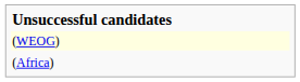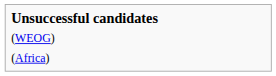 <table class="infobox" width="300px">
 <tr>
 <td><strong>Unsuccessful candidates</strong></td>
 </tr>
 <tr>
-<td style="background: lightyellow;"> <small>(<a href='#'>WEOG</a>)</small></td>
+<td> <small>(<a href='#'>WEOG</a>)</small></td>
 </tr>
 <tr>
 <td> <small>(<a href='#'>Africa</a>)</small></td>
 </tr>
 </table>
